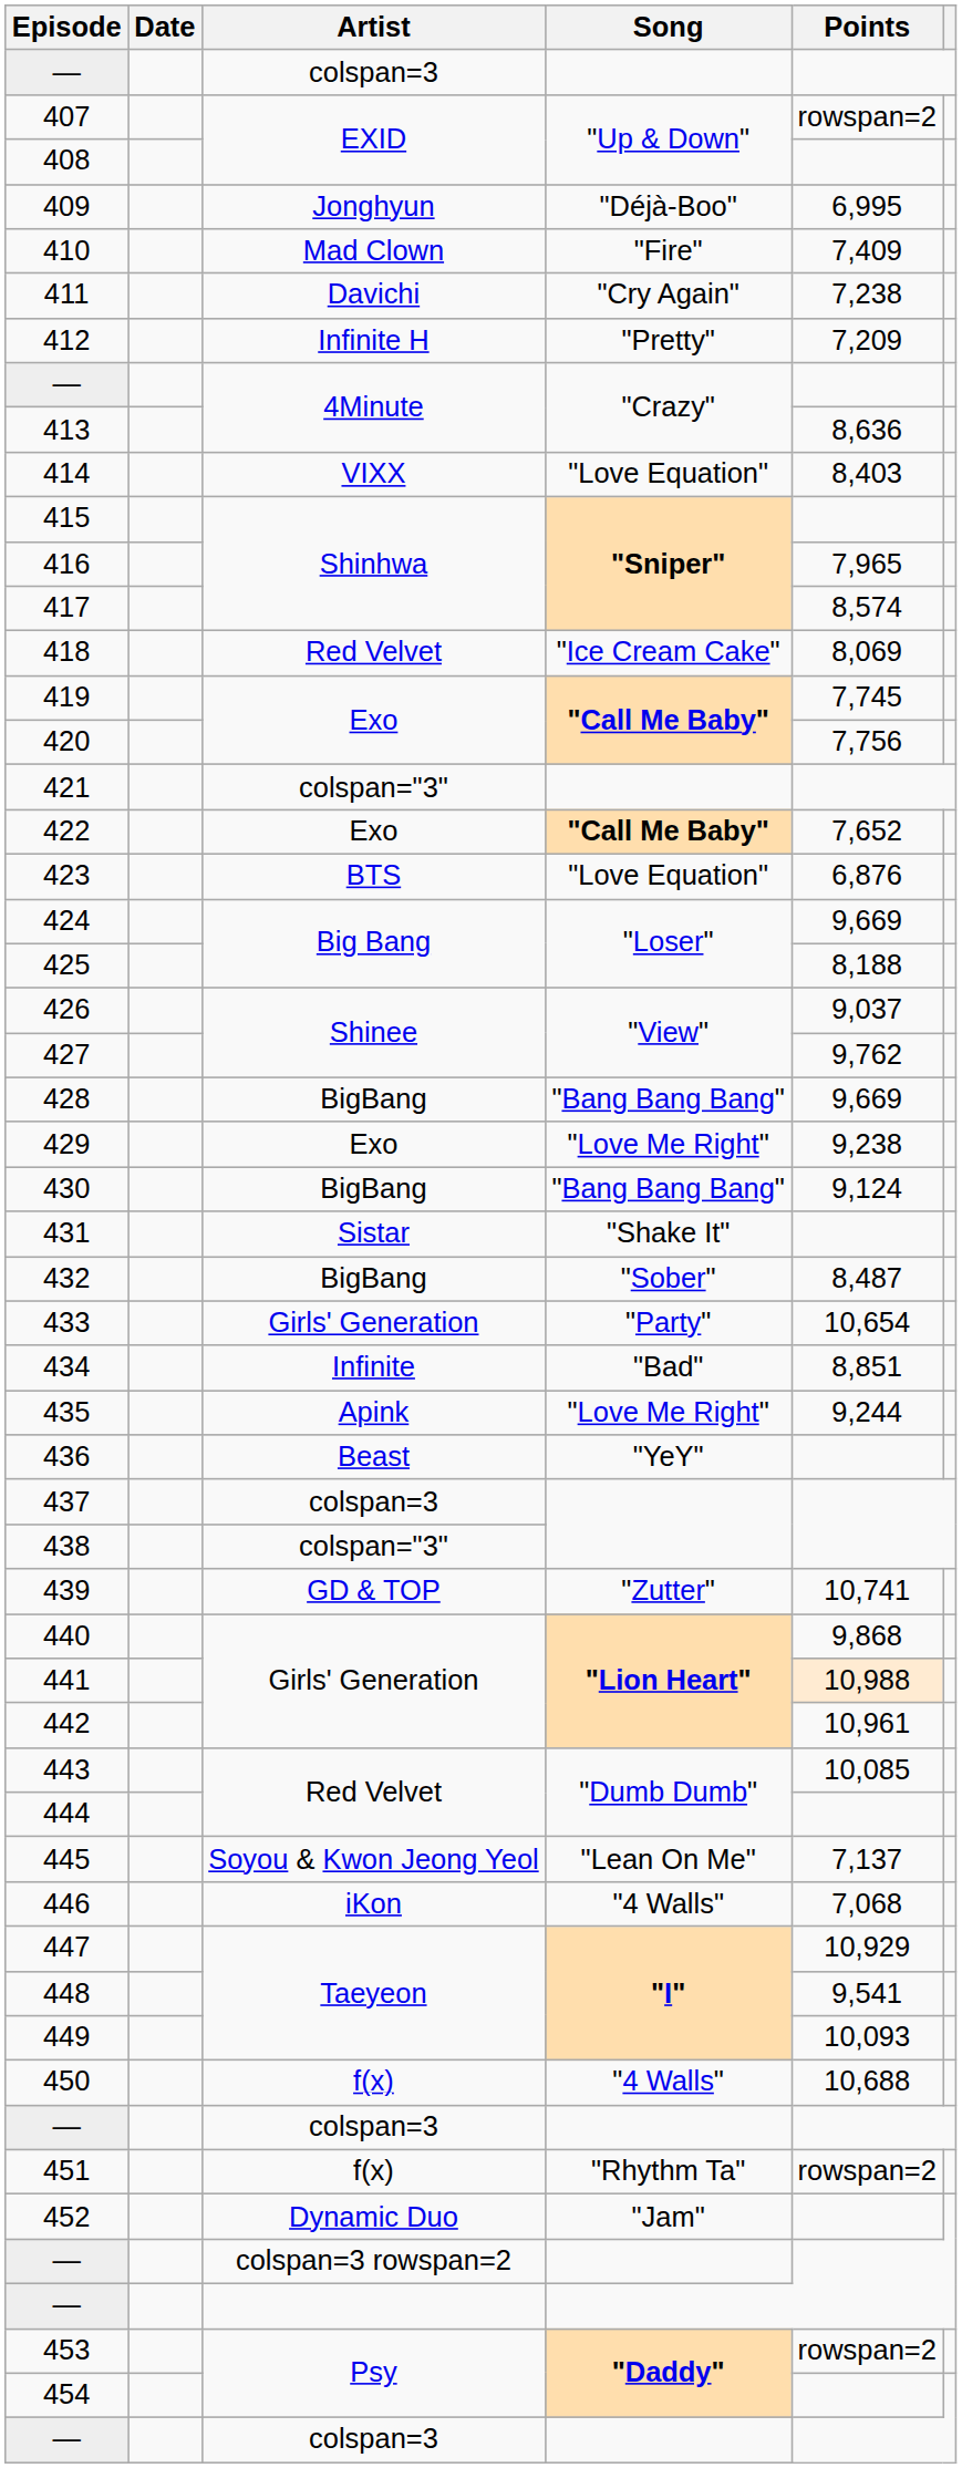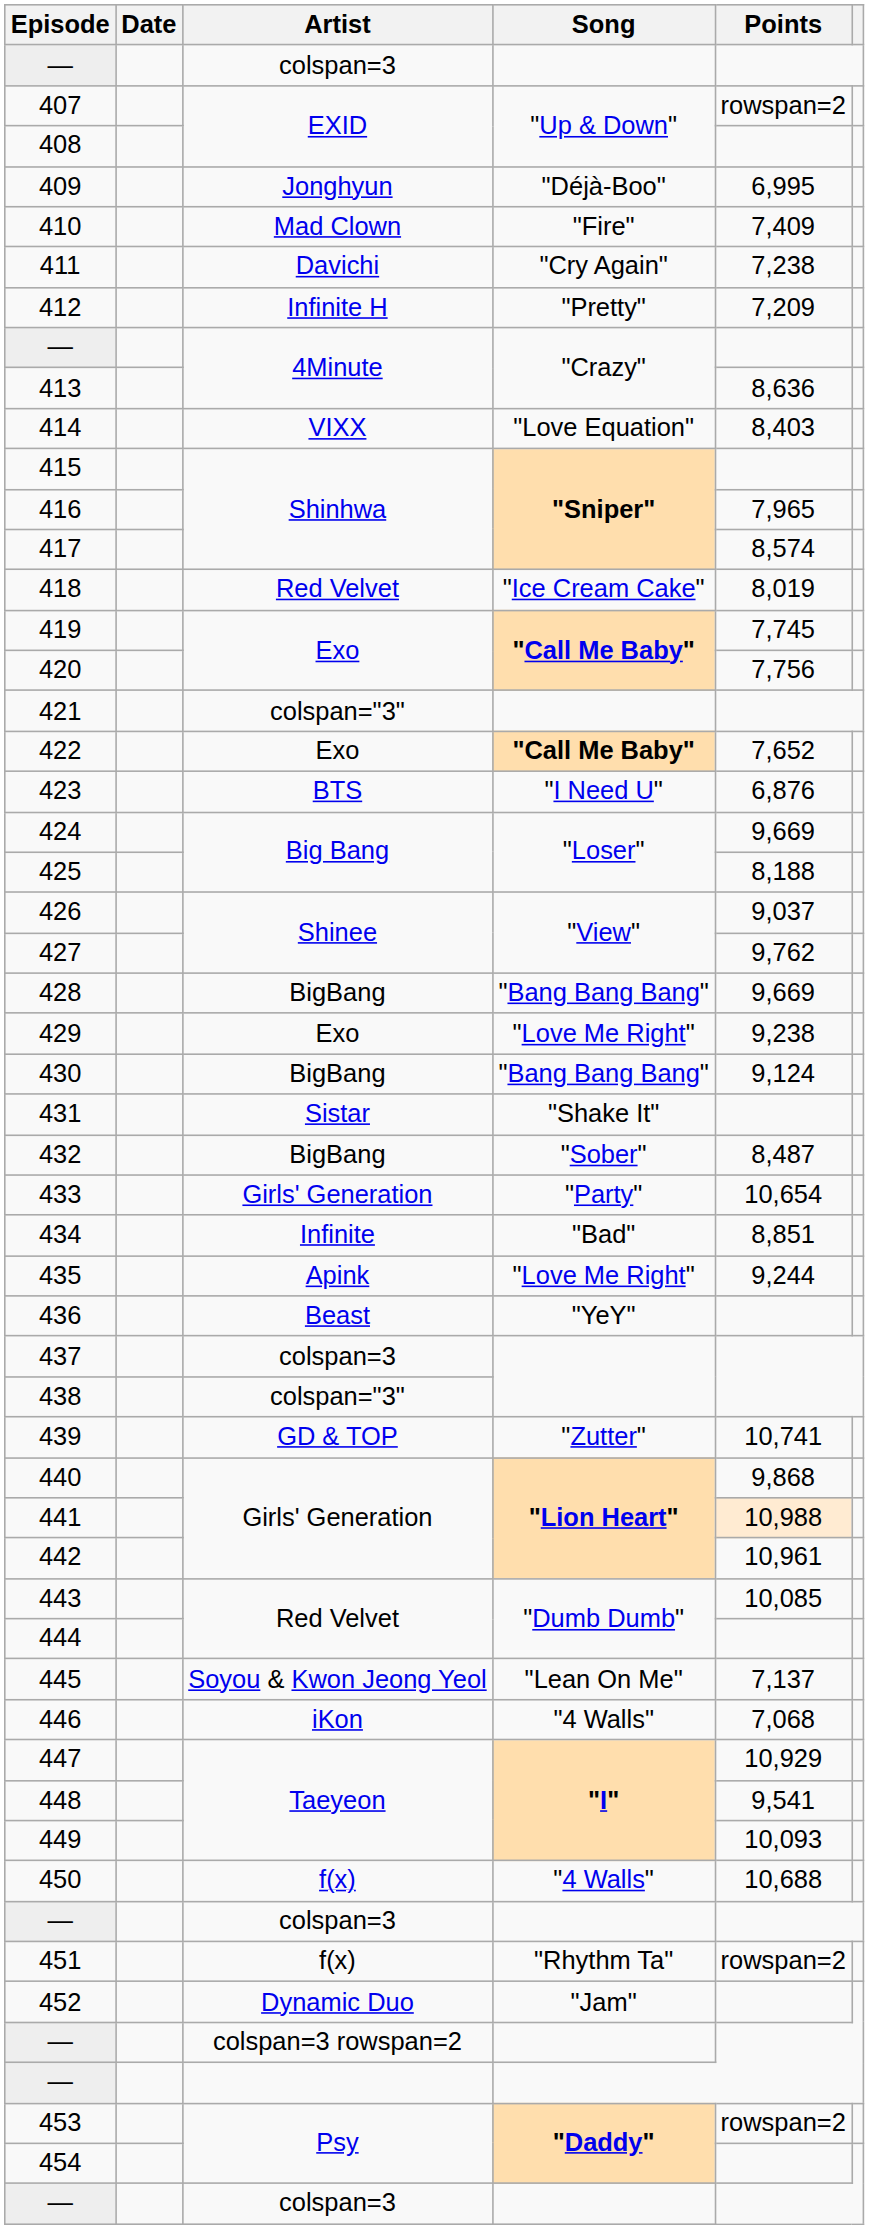 <table class="wikitable sortable" style=text-align:center>
 <tr>
 <th scope="col">Episode</th>
 <th scope="col">Date</th>
 <th scope="col">Artist</th>
 <th scope="col">Song</th>
 <th scope="col">Points</th>
 <th scope="col" class="unsortable"></th>
 </tr>
 <tr>
 <td style="background:#eee;">—</td>
 <td></td>
 <td>colspan=3 </td>
 <td></td>
 </tr>
 <tr>
 <td>407</td>
 <td></td>
 <td rowspan="2"><a href='#'>EXID</a></td>
 <td rowspan="2">"<a href='#'>Up & Down</a>"</td>
 <td>rowspan=2 </td>
 <td></td>
 </tr>
 <tr>
 <td>408</td>
 <td></td>
 <td></td>
 </tr>
 <tr>
 <td>409</td>
 <td></td>
 <td><a href='#'>Jonghyun</a></td>
 <td>"Déjà-Boo"</td>
 <td>6,995</td>
 <td></td>
 </tr>
 <tr>
 <td>410</td>
 <td></td>
 <td><a href='#'>Mad Clown</a></td>
 <td>"Fire"</td>
 <td>7,409</td>
 <td></td>
 </tr>
 <tr>
 <td>411</td>
 <td></td>
 <td><a href='#'>Davichi</a></td>
 <td>"Cry Again"</td>
 <td>7,238</td>
 <td></td>
 </tr>
 <tr>
 <td>412</td>
 <td></td>
 <td><a href='#'>Infinite H</a></td>
 <td>"Pretty"</td>
 <td>7,209</td>
 <td></td>
 </tr>
 <tr>
 <td style="background:#eee;">—</td>
 <td></td>
 <td rowspan="2"><a href='#'>4Minute</a></td>
 <td rowspan="2">"Crazy"</td>
 <td></td>
 <td></td>
 </tr>
 <tr>
 <td>413</td>
 <td></td>
 <td>8,636</td>
 <td></td>
 </tr>
 <tr>
 <td>414</td>
 <td></td>
 <td><a href='#'>VIXX</a></td>
 <td>"Love Equation"</td>
 <td>8,403</td>
 <td></td>
 </tr>
 <tr>
 <td>415</td>
 <td></td>
 <td rowspan="3"><a href='#'>Shinhwa</a></td>
 <td rowspan="3" style="font-weight: bold; background: navajowhite;">"Sniper"</td>
 <td></td>
 <td></td>
 </tr>
 <tr>
 <td>416</td>
 <td></td>
 <td>7,965</td>
 <td></td>
 </tr>
 <tr>
 <td>417</td>
 <td></td>
 <td>8,574</td>
 <td></td>
 </tr>
 <tr>
 <td>418</td>
 <td></td>
 <td><a href='#'>Red Velvet</a></td>
 <td>"<a href='#'>Ice Cream Cake</a>"</td>
-<td>8,069</td>
+<td>8,019</td>
 <td></td>
 </tr>
 <tr>
 <td>419</td>
 <td></td>
 <td rowspan="2"><a href='#'>Exo</a> </td>
 <td rowspan="2"style="font-weight: bold; background: navajowhite;">"<a href='#'>Call Me Baby</a>"</td>
 <td>7,745</td>
 <td></td>
 </tr>
 <tr>
 <td>420</td>
 <td></td>
 <td>7,756</td>
 <td></td>
 </tr>
 <tr>
 <td>421</td>
 <td></td>
 <td>colspan="3" </td>
 <td></td>
 </tr>
 <tr>
 <td>422</td>
 <td></td>
 <td>Exo</td>
 <td style="font-weight: bold; background: navajowhite;">"Call Me Baby"</td>
 <td>7,652</td>
 <td></td>
 </tr>
 <tr>
 <td>423</td>
 <td></td>
 <td><a href='#'>BTS</a></td>
-<td>"Love Equation"</td>
+<td>"<a href='#'>I Need U</a>"</td>
 <td>6,876</td>
 <td></td>
 </tr>
 <tr>
 <td>424</td>
 <td></td>
 <td rowspan="2"><a href='#'>Big Bang</a></td>
 <td rowspan="2">"<a href='#'>Loser</a>"</td>
 <td>9,669</td>
 <td></td>
 </tr>
 <tr>
 <td>425</td>
 <td></td>
 <td>8,188</td>
 <td></td>
 </tr>
 <tr>
 <td>426</td>
 <td></td>
 <td rowspan="2"><a href='#'>Shinee</a></td>
 <td rowspan="2">"<a href='#'>View</a>"</td>
 <td>9,037</td>
 <td></td>
 </tr>
 <tr>
 <td>427</td>
 <td></td>
 <td>9,762</td>
 <td></td>
 </tr>
 <tr>
 <td>428</td>
 <td></td>
 <td>BigBang</td>
 <td>"<a href='#'>Bang Bang Bang</a>"</td>
 <td>9,669</td>
 <td></td>
 </tr>
 <tr>
 <td>429</td>
 <td></td>
 <td>Exo</td>
 <td>"<a href='#'>Love Me Right</a>"</td>
 <td>9,238</td>
 <td></td>
 </tr>
 <tr>
 <td>430</td>
 <td></td>
 <td>BigBang</td>
 <td>"<a href='#'>Bang Bang Bang</a>"</td>
 <td>9,124</td>
 <td></td>
 </tr>
 <tr>
 <td>431</td>
 <td></td>
 <td><a href='#'>Sistar</a></td>
 <td>"Shake It"</td>
 <td></td>
 <td></td>
 </tr>
 <tr>
 <td>432</td>
 <td></td>
 <td>BigBang</td>
 <td>"<a href='#'>Sober</a>"</td>
 <td>8,487</td>
 <td></td>
 </tr>
 <tr>
 <td>433</td>
 <td></td>
 <td><a href='#'>Girls' Generation</a></td>
 <td>"<a href='#'>Party</a>"</td>
 <td>10,654</td>
 <td></td>
 </tr>
 <tr>
 <td>434</td>
 <td></td>
 <td><a href='#'>Infinite</a></td>
 <td>"Bad"</td>
 <td>8,851</td>
 <td></td>
 </tr>
 <tr>
 <td>435</td>
 <td></td>
 <td><a href='#'>Apink</a></td>
 <td>"<a href='#'>Love Me Right</a>"</td>
 <td>9,244</td>
 <td></td>
 </tr>
 <tr>
 <td>436</td>
 <td></td>
 <td><a href='#'>Beast</a></td>
 <td>"YeY"</td>
 <td></td>
 <td></td>
 </tr>
 <tr>
 <td>437</td>
 <td></td>
 <td>colspan=3 </td>
 <td rowspan="2"></td>
 </tr>
 <tr>
 <td>438</td>
 <td></td>
 <td>colspan="3" </td>
 </tr>
 <tr>
 <td>439</td>
 <td></td>
 <td><a href='#'>GD & TOP</a></td>
 <td>"<a href='#'>Zutter</a>"</td>
 <td>10,741</td>
 <td></td>
 </tr>
 <tr>
 <td>440</td>
 <td></td>
 <td rowspan="3">Girls' Generation</td>
 <td rowspan="3" style="font-weight: bold; background: navajowhite;">"<a href='#'>Lion Heart</a>"</td>
 <td>9,868</td>
 <td></td>
 </tr>
 <tr>
 <td>441</td>
 <td></td>
 <td style="background:#ffebd2;">10,988</td>
 <td></td>
 </tr>
 <tr>
 <td>442</td>
 <td></td>
 <td>10,961</td>
 <td></td>
 </tr>
 <tr>
 <td>443</td>
 <td></td>
 <td rowspan="2">Red Velvet</td>
 <td rowspan="2">"<a href='#'>Dumb Dumb</a>"</td>
 <td>10,085</td>
 <td></td>
 </tr>
 <tr>
 <td>444</td>
 <td></td>
 <td></td>
 <td></td>
 </tr>
 <tr>
 <td>445</td>
 <td></td>
 <td><a href='#'>Soyou</a> & <a href='#'>Kwon Jeong Yeol</a></td>
 <td>"Lean On Me"</td>
 <td>7,137</td>
 <td></td>
 </tr>
 <tr>
 <td>446</td>
 <td></td>
 <td><a href='#'>iKon</a></td>
 <td>"4 Walls"</td>
 <td>7,068</td>
 <td></td>
 </tr>
 <tr>
 <td>447</td>
 <td></td>
 <td rowspan="3"><a href='#'>Taeyeon</a></td>
 <td rowspan="3" style="font-weight: bold; background: navajowhite;">"<a href='#'>I</a>"</td>
 <td>10,929</td>
 <td></td>
 </tr>
 <tr>
 <td>448</td>
 <td></td>
 <td>9,541</td>
 <td></td>
 </tr>
 <tr>
 <td>449</td>
 <td></td>
 <td>10,093</td>
 <td></td>
 </tr>
 <tr>
 <td>450</td>
 <td></td>
 <td><a href='#'>f(x)</a></td>
 <td>"<a href='#'>4 Walls</a>"</td>
 <td>10,688</td>
 <td></td>
 </tr>
 <tr>
 <td style="background:#eee;">—</td>
 <td></td>
 <td>colspan=3 </td>
 <td></td>
 </tr>
 <tr>
 <td>451</td>
 <td></td>
 <td>f(x)</td>
 <td>"Rhythm Ta"</td>
 <td>rowspan=2 </td>
 <td></td>
 </tr>
 <tr>
 <td>452</td>
 <td></td>
 <td><a href='#'>Dynamic Duo</a></td>
 <td>"Jam"</td>
 <td></td>
 </tr>
 <tr>
 <td style="background:#eee;">—</td>
 <td></td>
 <td>colspan=3 rowspan=2 </td>
 <td></td>
 </tr>
 <tr>
 <td style="background:#eee;">—</td>
 <td></td>
 <td></td>
 </tr>
 <tr>
 <td>453</td>
 <td></td>
 <td rowspan="2"><a href='#'>Psy</a></td>
 <td rowspan="2" style="font-weight: bold; background: navajowhite;">"<a href='#'>Daddy</a>"</td>
 <td>rowspan=2 </td>
 <td></td>
 </tr>
 <tr>
 <td>454</td>
 <td></td>
 <td></td>
 </tr>
 <tr>
 <td style="background:#eee;">—</td>
 <td></td>
 <td>colspan=3 </td>
 <td></td>
 </tr>
 <tr>
 </tr>
 </table>
